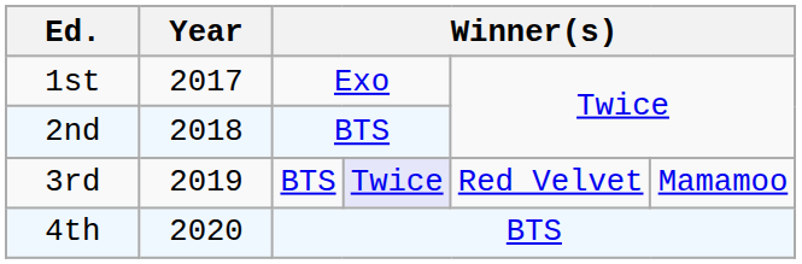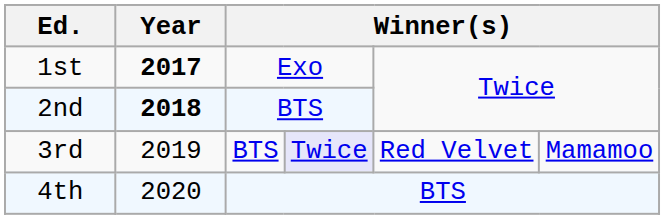 <table class="wikitable" style="text-align: center">
 <tr>
 <th width="50">Ed.</th>
 <th width="50">Year</th>
 <th colspan="4">Winner(s)</th>
 </tr>
 <tr>
 <td>1st</td>
-<td>2017</td>
+<td><strong>2017</strong></td>
 <td colspan="2"><a href='#'>Exo</a></td>
 <td colspan="2" rowspan ="2"><a href='#'>Twice</a></td>
 </tr>
 <tr style="background:#f0f8ff;">
 <td>2nd</td>
-<td>2018</td>
+<td><strong>2018</strong></td>
 <td colspan="2"><a href='#'>BTS</a></td>
 </tr>
 <tr>
 <td>3rd</td>
 <td>2019</td>
 <td><a href='#'>BTS</a></td>
 <td style="background: lavender;"><a href='#'>Twice</a></td>
 <td><a href='#'>Red Velvet</a></td>
 <td><a href='#'>Mamamoo</a></td>
 </tr>
 <tr style="background:#f0f8ff;">
 <td>4th</td>
 <td>2020</td>
 <td colspan="4"><a href='#'>BTS</a></td>
 </tr>
 </table>
